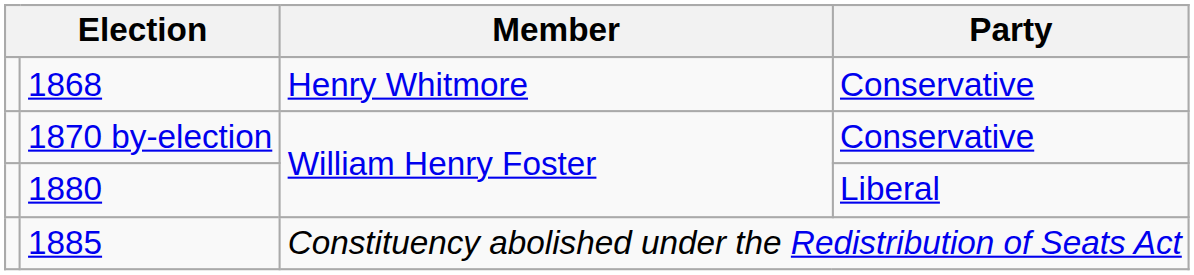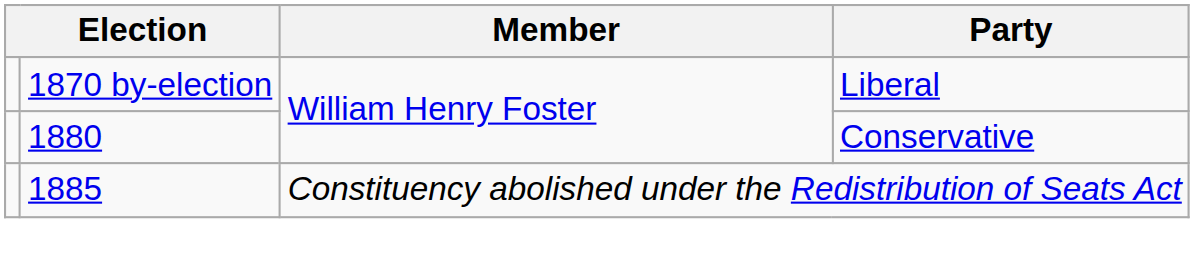 <table class="wikitable">
 <tr>
 <th colspan="2">Election</th>
 <th>Member</th>
 <th>Party</th>
 </tr>
 <tr>
 <td style="color:inherit;background-color: "></td>
-<td><a href='#'>1868</a></td>
-<td><a href='#'>Henry Whitmore</a></td>
-<td><a href='#'>Conservative</a></td>
-</tr>
-<tr>
-<td style="color:inherit;background-color: "></td>
 <td><a href='#'>1870 by-election</a></td>
 <td rowspan=2><a href='#'>William Henry Foster</a></td>
-<td><a href='#'>Conservative</a></td>
+<td><a href='#'>Liberal</a></td>
 </tr>
 <tr>
 <td style="color:inherit;background-color: "></td>
 <td><a href='#'>1880</a></td>
-<td><a href='#'>Liberal</a></td>
+<td><a href='#'>Conservative</a></td>
 </tr>
 <tr>
 <td></td>
 <td><a href='#'>1885</a></td>
 <td colspan="2"><em>Constituency abolished under the <a href='#'>Redistribution of Seats Act</a></em></td>
 </tr>
 </table>
